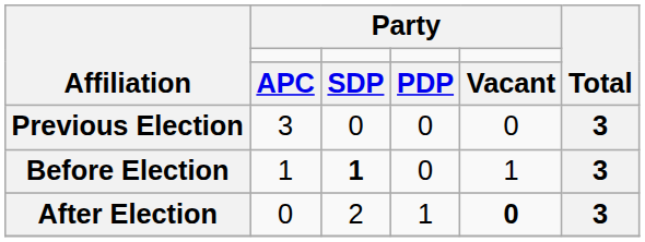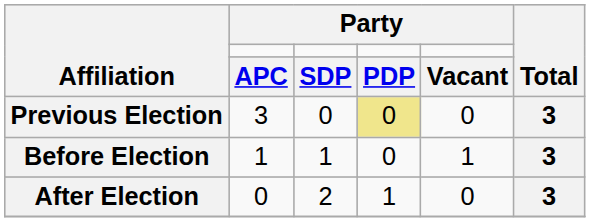 <table class=wikitable style="text-align:center">
 <tr style="vertical-align:bottom;">
 <th rowspan=3>Affiliation</th>
 <th colspan=4>Party</th>
 <th rowspan=3>Total</th>
 </tr>
 <tr>
 <td style="background-color:"></td>
 <td style="background-color:"></td>
 <td style="background-color:"></td>
 </tr>
 <tr>
 <th><a href='#'>APC</a></th>
 <th><a href='#'>SDP</a></th>
 <th><a href='#'>PDP</a></th>
 <th>Vacant</th>
 </tr>
 <tr>
 <th>Previous Election</th>
 <td>3</td>
 <td>0</td>
-<td>0</td>
+<td style="background: khaki;">0</td>
 <td>0</td>
 <th>3</th>
 </tr>
 <tr>
 <th>Before Election</th>
 <td>1</td>
-<td><strong>1</strong></td>
+<td>1</td>
 <td>0</td>
 <td>1</td>
 <th>3</th>
 </tr>
 <tr>
 <th>After Election</th>
 <td>0</td>
 <td>2</td>
 <td>1</td>
-<td><strong>0</strong></td>
+<td>0</td>
 <th>3</th>
 </tr>
 <tr>
 </tr>
 </table>
